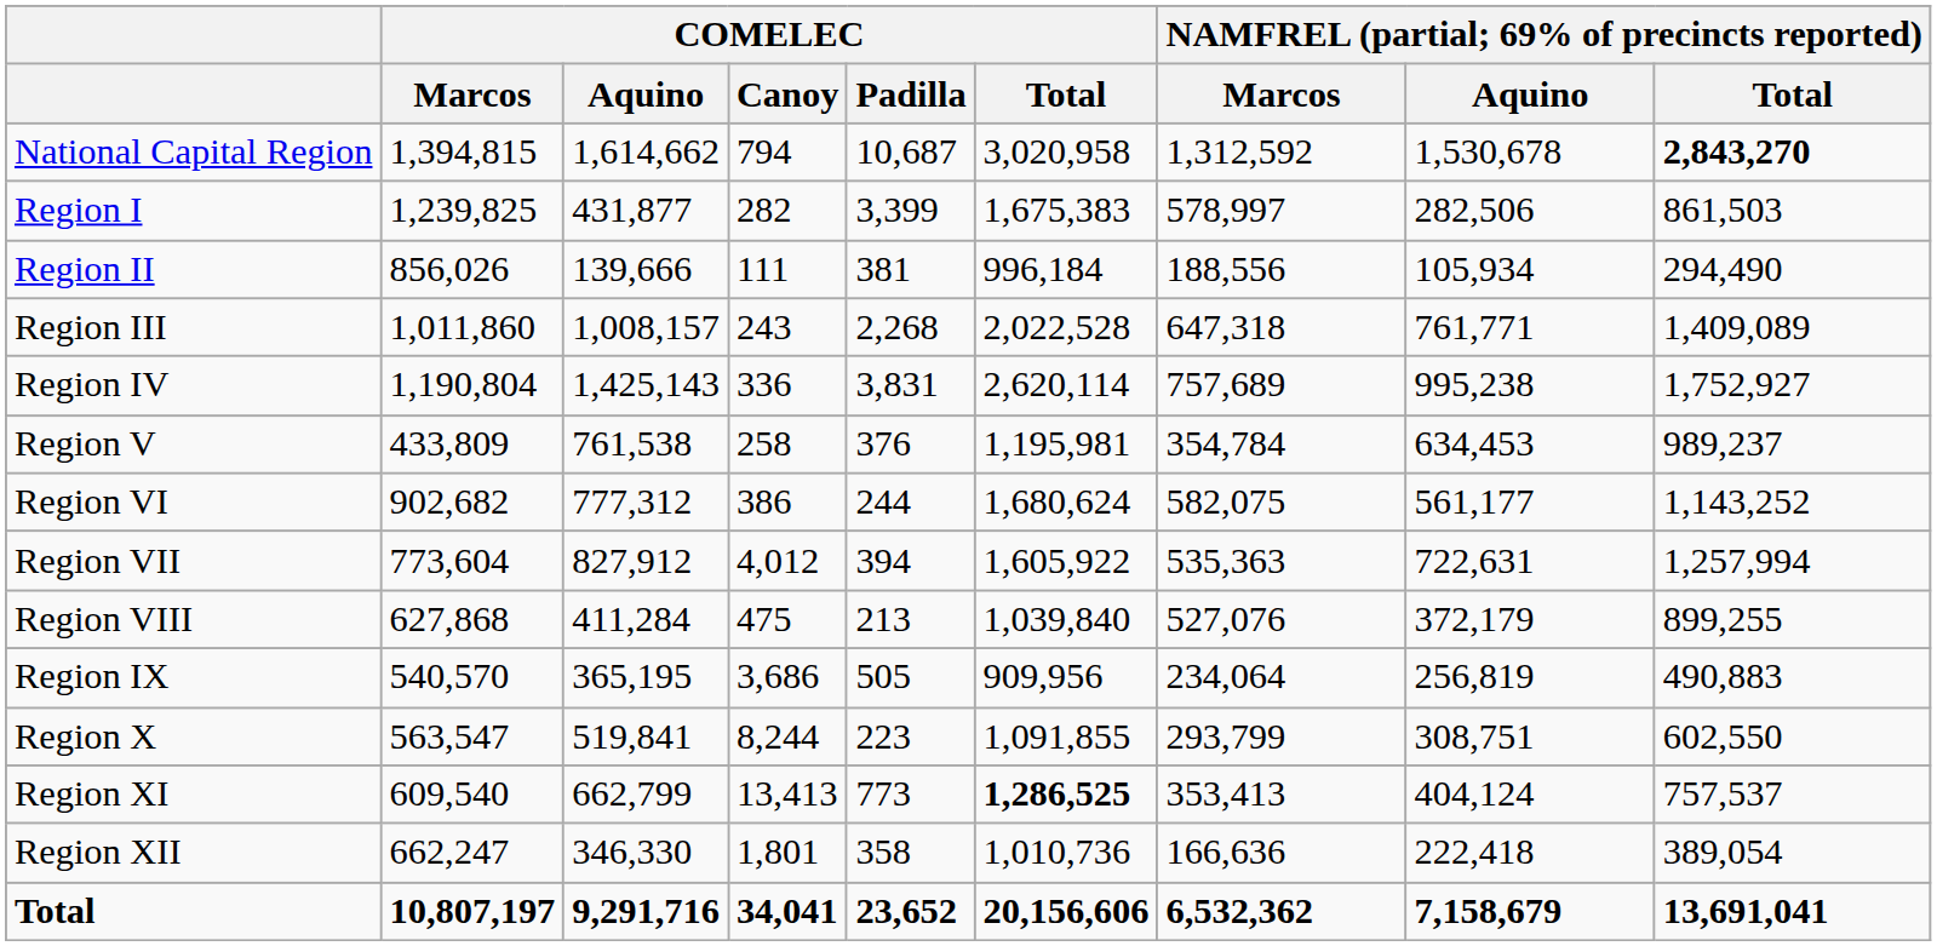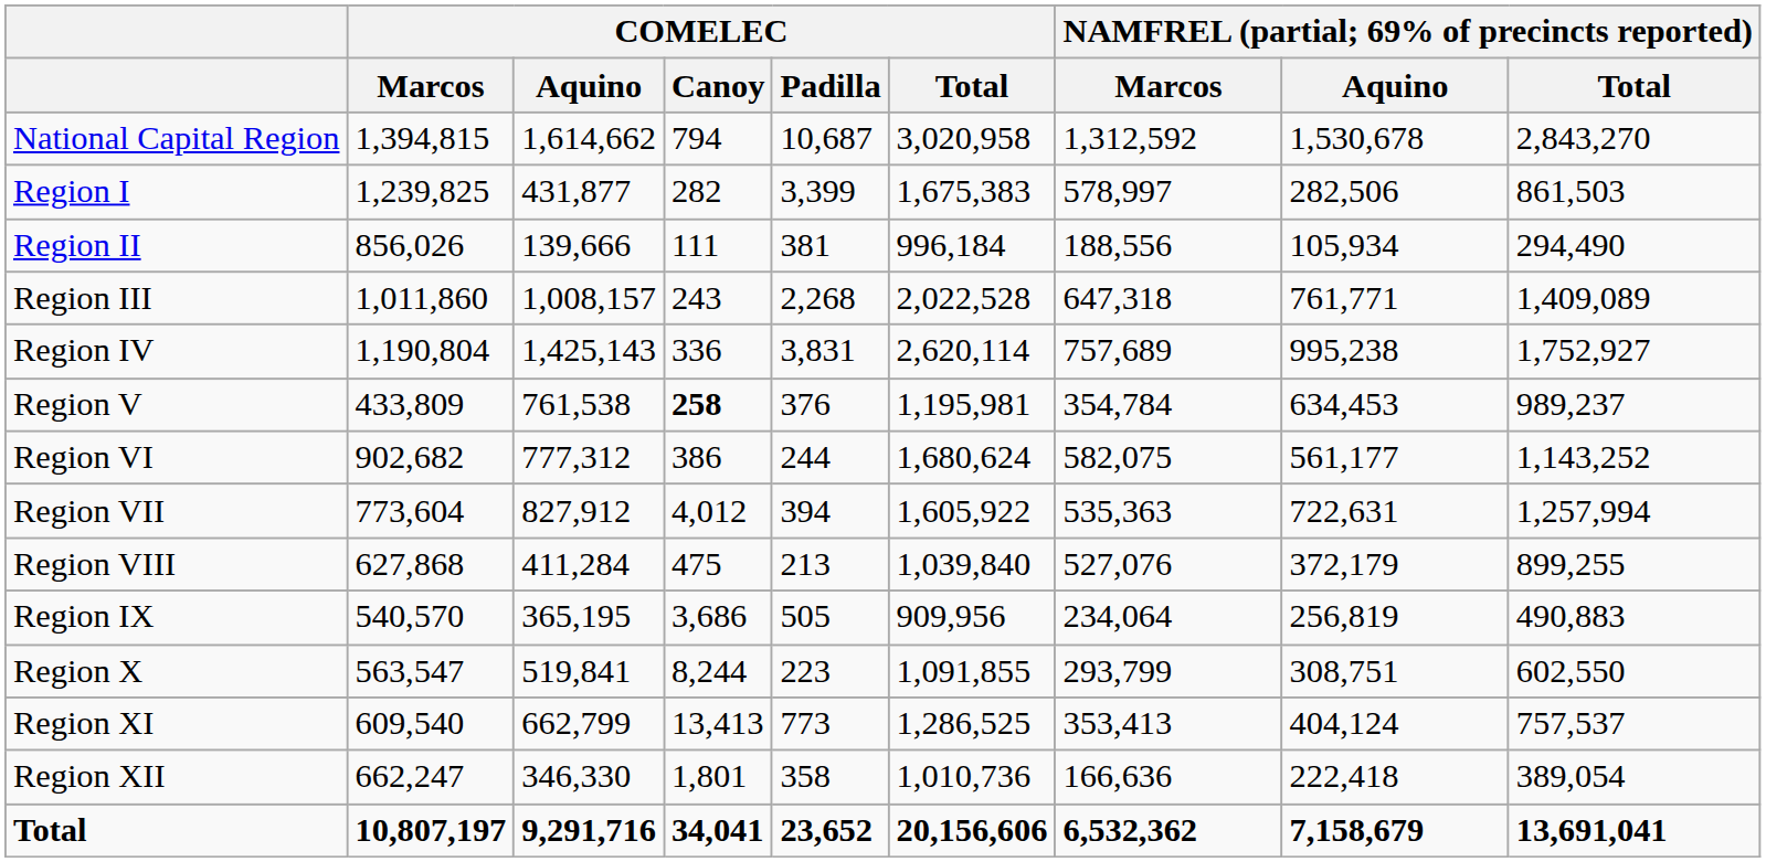 <table class="wikitable">
 <tr>
 <th></th>
 <th colspan="5"><strong>COMELEC</strong></th>
 <th colspan="3"><strong>NAMFREL (partial; 69% of precincts reported)</strong></th>
 </tr>
 <tr>
 <th></th>
 <th>Marcos</th>
 <th>Aquino</th>
 <th>Canoy</th>
 <th>Padilla</th>
 <th>Total</th>
 <th>Marcos</th>
 <th>Aquino</th>
 <th>Total</th>
 </tr>
 <tr>
 <td><a href='#'>National Capital Region</a></td>
 <td>1,394,815</td>
 <td>1,614,662</td>
 <td>794</td>
 <td>10,687</td>
 <td>3,020,958</td>
 <td>1,312,592</td>
 <td>1,530,678</td>
-<td><strong>2,843,270</strong></td>
+<td>2,843,270</td>
 </tr>
 <tr>
 <td><a href='#'>Region I</a></td>
 <td>1,239,825</td>
 <td>431,877</td>
 <td>282</td>
 <td>3,399</td>
 <td>1,675,383</td>
 <td>578,997</td>
 <td>282,506</td>
 <td>861,503</td>
 </tr>
 <tr>
 <td><a href='#'>Region II</a></td>
 <td>856,026</td>
 <td>139,666</td>
 <td>111</td>
 <td>381</td>
 <td>996,184</td>
 <td>188,556</td>
 <td>105,934</td>
 <td>294,490</td>
 </tr>
 <tr>
 <td>Region III</td>
 <td>1,011,860</td>
 <td>1,008,157</td>
 <td>243</td>
 <td>2,268</td>
 <td>2,022,528</td>
 <td>647,318</td>
 <td>761,771</td>
 <td>1,409,089</td>
 </tr>
 <tr>
 <td>Region IV</td>
 <td>1,190,804</td>
 <td>1,425,143</td>
 <td>336</td>
 <td>3,831</td>
 <td>2,620,114</td>
 <td>757,689</td>
 <td>995,238</td>
 <td>1,752,927</td>
 </tr>
 <tr>
 <td>Region V</td>
 <td>433,809</td>
 <td>761,538</td>
-<td>258</td>
+<td><strong>258</strong></td>
 <td>376</td>
 <td>1,195,981</td>
 <td>354,784</td>
 <td>634,453</td>
 <td>989,237</td>
 </tr>
 <tr>
 <td>Region VI</td>
 <td>902,682</td>
 <td>777,312</td>
 <td>386</td>
 <td>244</td>
 <td>1,680,624</td>
 <td>582,075</td>
 <td>561,177</td>
 <td>1,143,252</td>
 </tr>
 <tr>
 <td>Region VII</td>
 <td>773,604</td>
 <td>827,912</td>
 <td>4,012</td>
 <td>394</td>
 <td>1,605,922</td>
 <td>535,363</td>
 <td>722,631</td>
 <td>1,257,994</td>
 </tr>
 <tr>
 <td>Region VIII</td>
 <td>627,868</td>
 <td>411,284</td>
 <td>475</td>
 <td>213</td>
 <td>1,039,840</td>
 <td>527,076</td>
 <td>372,179</td>
 <td>899,255</td>
 </tr>
 <tr>
 <td>Region IX</td>
 <td>540,570</td>
 <td>365,195</td>
 <td>3,686</td>
 <td>505</td>
 <td>909,956</td>
 <td>234,064</td>
 <td>256,819</td>
 <td>490,883</td>
 </tr>
 <tr>
 <td>Region X</td>
 <td>563,547</td>
 <td>519,841</td>
 <td>8,244</td>
 <td>223</td>
 <td>1,091,855</td>
 <td>293,799</td>
 <td>308,751</td>
 <td>602,550</td>
 </tr>
 <tr>
 <td>Region XI</td>
 <td>609,540</td>
 <td>662,799</td>
 <td>13,413</td>
 <td>773</td>
-<td><strong>1,286,525</strong></td>
+<td>1,286,525</td>
 <td>353,413</td>
 <td>404,124</td>
 <td>757,537</td>
 </tr>
 <tr>
 <td>Region XII</td>
 <td>662,247</td>
 <td>346,330</td>
 <td>1,801</td>
 <td>358</td>
 <td>1,010,736</td>
 <td>166,636</td>
 <td>222,418</td>
 <td>389,054</td>
 </tr>
 <tr>
 <td><strong>Total</strong></td>
 <td><strong>10,807,197</strong></td>
 <td><strong>9,291,716</strong></td>
 <td><strong>34,041</strong></td>
 <td><strong>23,652</strong></td>
 <td><strong>20,156,606</strong></td>
 <td><strong>6,532,362</strong></td>
 <td><strong>7,158,679</strong></td>
 <td><strong>13,691,041</strong></td>
 </tr>
 </table>
